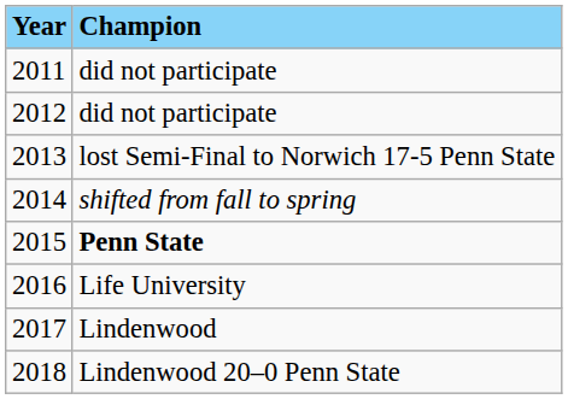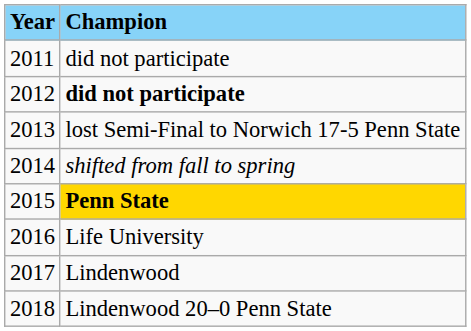 <table class="wikitable" style="font-size:100%;">
 <tr ! style="background-color: #87D3F8;">
 <td><strong>Year</strong></td>
 <td><strong>Champion</strong></td>
 </tr>
 <tr --->
 <td>2011</td>
 <td>did not participate</td>
 </tr>
 <tr --->
 <td>2012</td>
-<td>did not participate</td>
+<td><strong>did not participate</strong></td>
 </tr>
 <tr --->
 <td>2013</td>
 <td>lost Semi-Final to Norwich 17-5 Penn State </td>
 </tr>
 <tr --->
 <td>2014</td>
 <td><em>shifted from fall to spring</em></td>
 </tr>
 <tr --->
 <td>2015</td>
-<td><strong>Penn State</strong></td>
+<td style="background: gold;"><strong>Penn State</strong></td>
 </tr>
 <tr --->
 <td>2016</td>
 <td>Life University</td>
 </tr>
 <tr --->
 <td>2017</td>
 <td>Lindenwood</td>
 </tr>
 <tr --->
 <td>2018</td>
 <td>Lindenwood 20–0 Penn State</td>
 </tr>
 </table>
